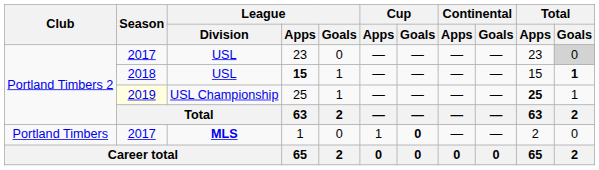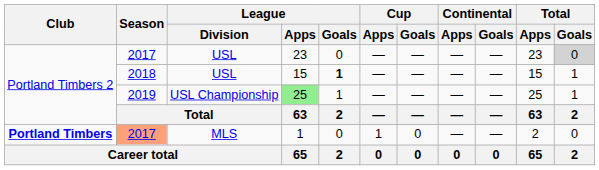 <table class="wikitable" style="text-align: center;">
 <tr>
 <th rowspan="2">Club</th>
 <th rowspan="2">Season</th>
 <th colspan="3">League</th>
 <th colspan="2">Cup</th>
 <th colspan="2">Continental</th>
 <th colspan="2">Total</th>
 </tr>
 <tr>
 <th>Division</th>
 <th>Apps</th>
 <th>Goals</th>
 <th>Apps</th>
 <th>Goals</th>
 <th>Apps</th>
 <th>Goals</th>
 <th>Apps</th>
 <th>Goals</th>
 </tr>
 <tr>
 <td rowspan="4"><a href='#'>Portland Timbers 2</a></td>
 <td><a href='#'>2017</a></td>
 <td><a href='#'>USL</a></td>
 <td>23</td>
 <td>0</td>
 <td>—</td>
 <td>—</td>
 <td>—</td>
 <td>—</td>
 <td>23</td>
 <td style="background: lightgrey;">0</td>
 </tr>
 <tr>
 <td><a href='#'>2018</a></td>
 <td><a href='#'>USL</a></td>
-<td><strong>15</strong></td>
+<td>15</td>
+<td><strong>1</strong></td>
+<td>—</td>
+<td>—</td>
+<td>—</td>
+<td>—</td>
+<td>15</td>
+<td>1</td>
+</tr>
+<tr>
+<td><a href='#'>2019</a></td>
+<td><a href='#'>USL Championship</a></td>
+<td style="background: lightgreen;">25</td>
 <td>1</td>
 <td>—</td>
 <td>—</td>
 <td>—</td>
 <td>—</td>
-<td>15</td>
-<td><strong>1</strong></td>
-</tr>
-<tr>
-<td style="background: lightyellow;"><a href='#'>2019</a></td>
-<td><a href='#'>USL Championship</a></td>
 <td>25</td>
-<td>1</td>
-<td>—</td>
-<td>—</td>
-<td>—</td>
-<td>—</td>
-<td><strong>25</strong></td>
 <td>1</td>
 </tr>
 <tr>
 <th colspan="2">Total</th>
 <th>63</th>
 <th>2</th>
 <th>—</th>
 <th>—</th>
 <th>—</th>
 <th>—</th>
 <th>63</th>
 <th>2</th>
 </tr>
 <tr>
-<td rowspan="1"><a href='#'>Portland Timbers</a></td>
-<td><a href='#'>2017</a></td>
-<td><strong><a href='#'>MLS</a></strong></td>
+<td rowspan="1"><strong><a href='#'>Portland Timbers</a></strong></td>
+<td style="background: lightsalmon;"><a href='#'>2017</a></td>
+<td><a href='#'>MLS</a></td>
 <td>1</td>
 <td>0</td>
 <td>1</td>
-<td><strong>0</strong></td>
+<td>0</td>
 <td>—</td>
 <td>—</td>
 <td>2</td>
 <td>0</td>
 </tr>
 <tr>
 <th colspan="3">Career total</th>
 <th>65</th>
 <th>2</th>
 <th>0</th>
 <th>0</th>
 <th>0</th>
 <th>0</th>
 <th>65</th>
 <th>2</th>
 </tr>
 </table>
